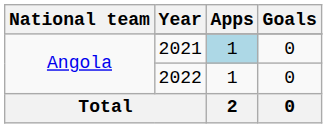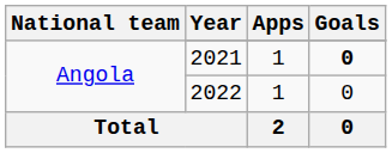 <table class="wikitable" style="text-align:center">
 <tr>
 <th>National team</th>
 <th>Year</th>
 <th>Apps</th>
 <th>Goals</th>
 </tr>
 <tr>
 <td rowspan=3><a href='#'>Angola</a></td>
 </tr>
 <tr>
 <td>2021</td>
-<td style="background: lightblue;">1</td>
-<td>0</td>
+<td>1</td>
+<td><strong>0</strong></td>
 </tr>
 <tr>
 <td>2022</td>
 <td>1</td>
 <td>0</td>
 </tr>
 <tr>
 <th colspan="2">Total</th>
 <th>2</th>
 <th>0</th>
 </tr>
 </table>
